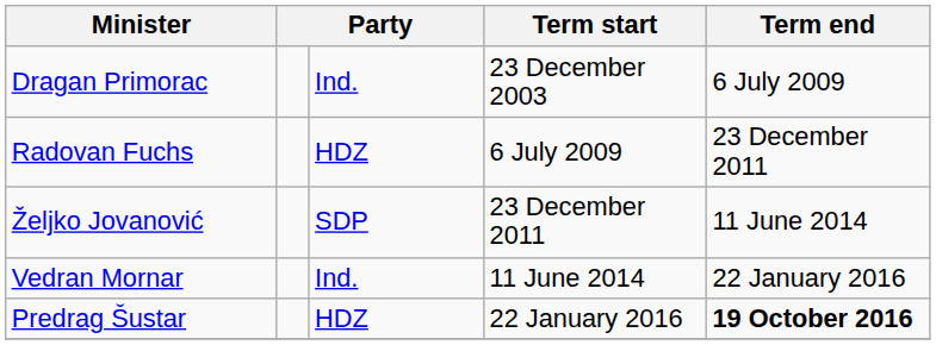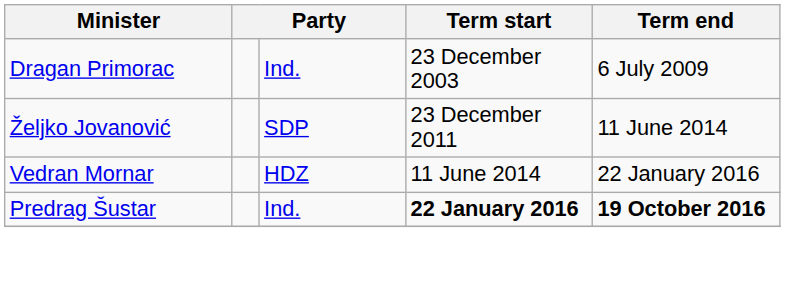 <table class="wikitable plainrowheaders">
 <tr>
 <th width="160">Minister</th>
 <th colspan=2 width="120">Party</th>
 <th width="130">Term start</th>
 <th width="130">Term end</th>
 </tr>
 <tr>
 <td scope="row"><a href='#'>Dragan Primorac</a></td>
 <td style="background-color: "></td>
 <td><a href='#'>Ind.</a> </td>
 <td>23 December 2003</td>
 <td>6 July 2009</td>
 </tr>
 <tr>
-<td scope="row"><a href='#'>Radovan Fuchs</a></td>
-<td style="background-color: "></td>
-<td><a href='#'>HDZ</a></td>
-<td>6 July 2009</td>
-<td>23 December 2011</td>
-</tr>
-<tr>
 <td scope="row"><a href='#'>Željko Jovanović</a></td>
 <td style="background-color: "></td>
 <td><a href='#'>SDP</a></td>
 <td>23 December 2011</td>
 <td>11 June 2014</td>
 </tr>
 <tr>
 <td scope="row"><a href='#'>Vedran Mornar</a></td>
 <td style="background-color: "></td>
-<td><a href='#'>Ind.</a> </td>
+<td><a href='#'>HDZ</a></td>
 <td>11 June 2014</td>
 <td>22 January 2016</td>
 </tr>
 <tr>
 <td scope="row"><a href='#'>Predrag Šustar</a></td>
 <td style="background-color: "></td>
-<td><a href='#'>HDZ</a></td>
-<td>22 January 2016</td>
+<td><a href='#'>Ind.</a> </td>
+<td><strong>22 January 2016</strong></td>
 <td><strong>19 October 2016</strong></td>
 </tr>
 <tr>
 </tr>
 </table>
